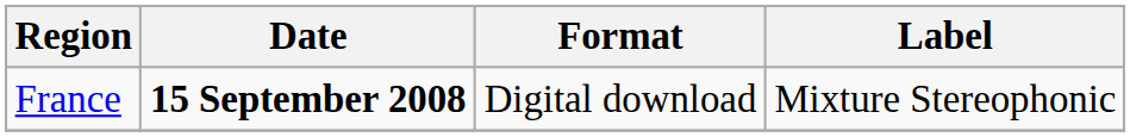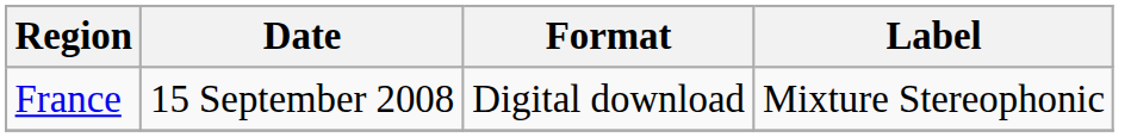 <table class=wikitable>
 <tr>
 <th>Region</th>
 <th>Date</th>
 <th>Format</th>
 <th>Label</th>
 </tr>
 <tr>
 <td><a href='#'>France</a></td>
-<td><strong>15 September 2008</strong></td>
+<td>15 September 2008</td>
 <td>Digital download</td>
 <td>Mixture Stereophonic</td>
 </tr>
 <tr>
 </tr>
 </table>
